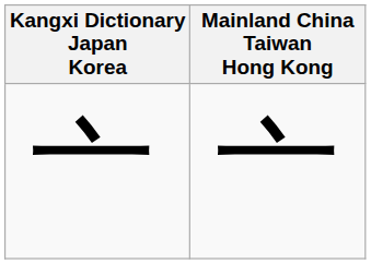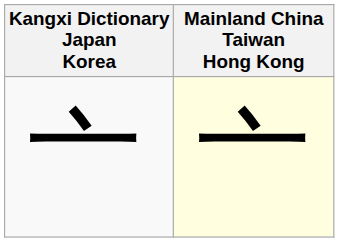 <table class="wikitable">
 <tr>
 <th>Kangxi Dictionary<br>Japan<br>Korea</th>
 <th>Mainland China<br>Taiwan<br>Hong Kong</th>
 </tr>
 <tr style="font-size:6em;font-family:serif;line-height:100%;">
 <td lang="ja">亠</td>
-<td lang="zh">亠</td>
+<td lang="zh" style="background: lightyellow;">亠</td>
 </tr>
 </table>
